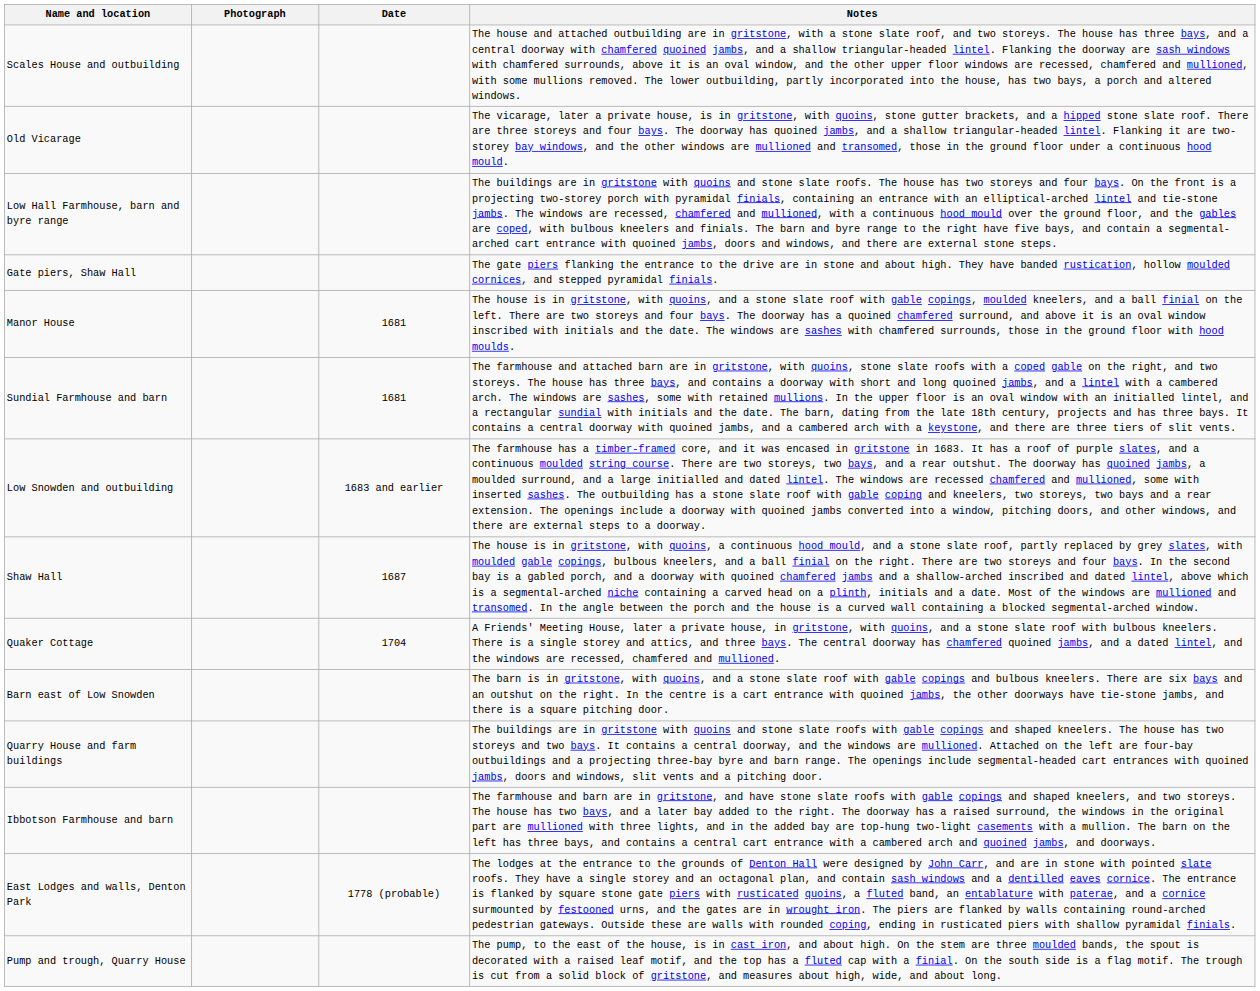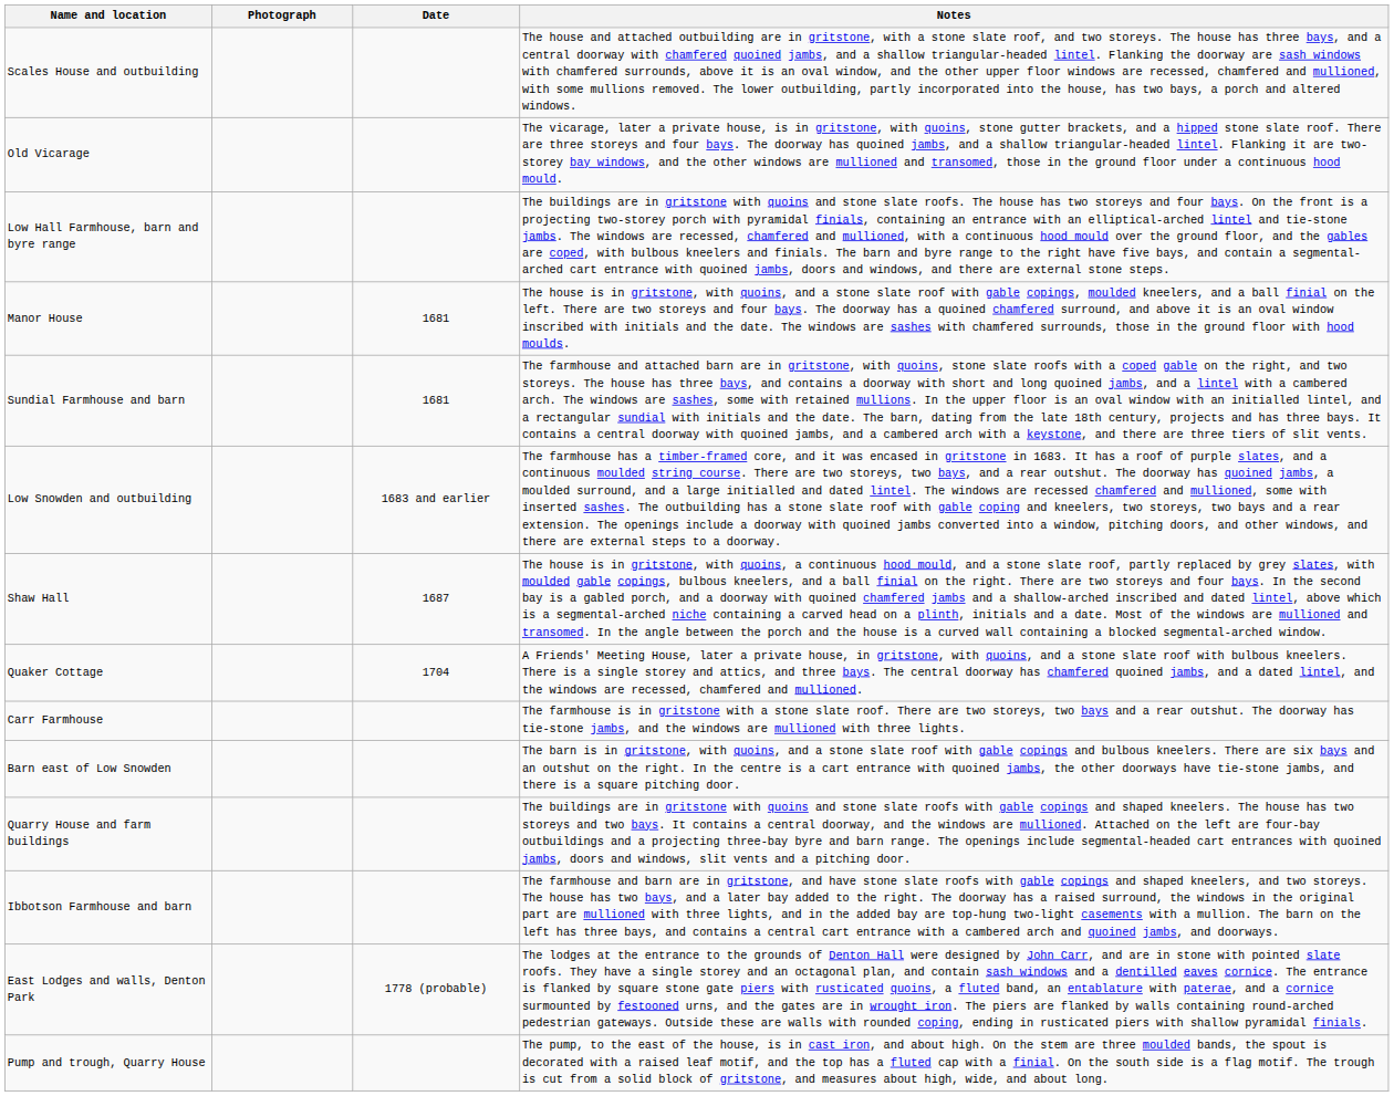 <table class="wikitable sortable plainrowheaders" style="width:100%;border:0px;text-align:left;line-height:150%;">
 <tr>
 <th scope="col"  style="width:150px">Name and location</th>
 <th scope="col"  style="width:100px" class="unsortable">Photograph</th>
 <th scope="col"  style="width:120px">Date</th>
 <th scope="col"  style="width:650px" class="unsortable">Notes</th>
 </tr>
 <tr>
 <td>Scales House and outbuilding<br><small></small></td>
 <td></td>
 <td align="center"></td>
 <td>The house and attached outbuilding are in <a href='#'>gritstone</a>, with a stone slate roof, and two storeys.  The house has three <a href='#'>bays</a>, and a central doorway with <a href='#'>chamfered</a> <a href='#'>quoined</a> <a href='#'>jambs</a>, and a shallow triangular-headed <a href='#'>lintel</a>.  Flanking the doorway are <a href='#'>sash windows</a> with chamfered surrounds, above it is an oval window, and the other upper floor windows are recessed, chamfered and <a href='#'>mullioned</a>, with some mullions removed.  The lower outbuilding, partly incorporated into the house, has two bays, a porch and altered windows.</td>
 </tr>
 <tr>
 <td>Old Vicarage<br><small></small></td>
 <td></td>
 <td align="center"></td>
 <td>The vicarage, later a private house, is in <a href='#'>gritstone</a>, with <a href='#'>quoins</a>, stone gutter brackets, and a <a href='#'>hipped</a> stone slate roof.  There are three storeys and four <a href='#'>bays</a>. The doorway has quoined <a href='#'>jambs</a>, and a shallow triangular-headed <a href='#'>lintel</a>.  Flanking it are two-storey <a href='#'>bay windows</a>, and the other windows are <a href='#'>mullioned</a> and <a href='#'>transomed</a>, those in the ground floor under a continuous <a href='#'>hood mould</a>.</td>
 </tr>
 <tr>
 <td>Low Hall Farmhouse, barn and byre range<br><small></small></td>
 <td></td>
 <td align="center"></td>
 <td>The buildings are in <a href='#'>gritstone</a> with <a href='#'>quoins</a> and stone slate roofs.  The house has two storeys and four <a href='#'>bays</a>.  On the front is a projecting two-storey porch with pyramidal <a href='#'>finials</a>, containing an entrance with an elliptical-arched <a href='#'>lintel</a> and tie-stone <a href='#'>jambs</a>.  The windows are recessed, <a href='#'>chamfered</a> and <a href='#'>mullioned</a>, with a continuous <a href='#'>hood mould</a> over the ground floor, and the <a href='#'>gables</a> are <a href='#'>coped</a>, with bulbous kneelers and finials.  The barn and byre range to the right have five bays, and contain a segmental-arched cart entrance with quoined <a href='#'>jambs</a>, doors and windows, and there are external stone steps.</td>
-</tr>
-<tr>
-<td>Gate piers, Shaw Hall<br><small></small></td>
-<td></td>
-<td align="center"></td>
-<td>The gate <a href='#'>piers</a> flanking the entrance to the drive are in stone and about  high.  They have banded <a href='#'>rustication</a>, hollow <a href='#'>moulded</a> <a href='#'>cornices</a>, and stepped pyramidal <a href='#'>finials</a>.</td>
 </tr>
 <tr>
 <td>Manor House<br><small></small></td>
 <td></td>
 <td align="center">1681</td>
 <td>The house is in <a href='#'>gritstone</a>, with <a href='#'>quoins</a>, and a stone slate roof with <a href='#'>gable</a> <a href='#'>copings</a>, <a href='#'>moulded</a> kneelers, and a ball <a href='#'>finial</a> on the left.  There are two storeys and four <a href='#'>bays</a>.  The doorway has a quoined <a href='#'>chamfered</a> surround, and above it is an oval window inscribed with initials and the date.  The windows are <a href='#'>sashes</a> with chamfered surrounds, those in the ground floor with <a href='#'>hood moulds</a>.</td>
 </tr>
 <tr>
 <td>Sundial Farmhouse and barn<br><small></small></td>
 <td></td>
 <td align="center">1681</td>
 <td>The farmhouse and attached barn are in <a href='#'>gritstone</a>, with <a href='#'>quoins</a>, stone slate roofs with a <a href='#'>coped</a> <a href='#'>gable</a> on the right, and two storeys.  The house has three <a href='#'>bays</a>, and contains a doorway with short and long quoined <a href='#'>jambs</a>, and a <a href='#'>lintel</a> with a cambered arch.  The windows are <a href='#'>sashes</a>, some with retained <a href='#'>mullions</a>.  In the upper floor is an oval window with an initialled lintel, and a rectangular <a href='#'>sundial</a> with initials and the date.  The barn, dating from the late 18th century, projects and has three bays.  It contains a central doorway with quoined jambs, and a cambered arch with a <a href='#'>keystone</a>, and there are three tiers of slit vents.</td>
 </tr>
 <tr>
 <td>Low Snowden and outbuilding<br><small></small></td>
 <td></td>
 <td align="center">1683 and earlier</td>
 <td>The farmhouse has a <a href='#'>timber-framed</a> core, and it was encased in <a href='#'>gritstone</a> in 1683.  It has a roof of purple <a href='#'>slates</a>, and a continuous <a href='#'>moulded</a> <a href='#'>string course</a>.  There are two storeys, two <a href='#'>bays</a>, and a rear outshut.  The doorway has <a href='#'>quoined</a> <a href='#'>jambs</a>, a moulded surround, and a large initialled and dated <a href='#'>lintel</a>. The windows are recessed <a href='#'>chamfered</a> and <a href='#'>mullioned</a>, some with inserted <a href='#'>sashes</a>.  The outbuilding has a stone slate roof with <a href='#'>gable</a> <a href='#'>coping</a> and kneelers, two storeys, two bays and a rear extension.  The openings include a doorway with quoined jambs converted into a window, pitching doors, and other windows, and there are external steps to a doorway.</td>
 </tr>
 <tr>
 <td>Shaw Hall<br><small></small></td>
 <td></td>
 <td align="center">1687</td>
 <td>The house is in <a href='#'>gritstone</a>, with <a href='#'>quoins</a>, a continuous <a href='#'>hood mould</a>, and a stone slate roof, partly replaced by grey <a href='#'>slates</a>, with <a href='#'>moulded</a> <a href='#'>gable</a> <a href='#'>copings</a>, bulbous kneelers, and a ball <a href='#'>finial</a> on the right.  There are two storeys and four <a href='#'>bays</a>.  In the second bay is a gabled porch, and a doorway with quoined <a href='#'>chamfered</a> <a href='#'>jambs</a> and a shallow-arched inscribed and dated <a href='#'>lintel</a>, above which is a segmental-arched <a href='#'>niche</a> containing a carved head on a <a href='#'>plinth</a>, initials and a date.  Most of the windows are <a href='#'>mullioned</a> and <a href='#'>transomed</a>.  In the angle between the porch and the house is a curved wall containing a blocked segmental-arched window.</td>
 </tr>
 <tr>
 <td>Quaker Cottage<br><small></small></td>
 <td></td>
 <td align="center">1704</td>
 <td>A Friends' Meeting House, later a private house, in <a href='#'>gritstone</a>, with <a href='#'>quoins</a>, and a stone slate roof with bulbous kneelers.  There is a single storey and attics, and three <a href='#'>bays</a>.  The central doorway has <a href='#'>chamfered</a> quoined <a href='#'>jambs</a>, and a dated <a href='#'>lintel</a>, and the windows are recessed, chamfered and <a href='#'>mullioned</a>.</td>
+</tr>
+<tr>
+<td>Carr Farmhouse<br><small></small></td>
+<td></td>
+<td align="center"></td>
+<td>The farmhouse is in <a href='#'>gritstone</a> with a stone slate roof.  There are two storeys, two <a href='#'>bays</a> and a rear outshut.  The doorway has tie-stone <a href='#'>jambs</a>, and the windows are <a href='#'>mullioned</a> with three lights.</td>
 </tr>
 <tr>
 <td>Barn east of Low Snowden<br><small></small></td>
 <td></td>
 <td align="center"></td>
 <td>The barn is in <a href='#'>gritstone</a>, with <a href='#'>quoins</a>, and a stone slate roof with <a href='#'>gable</a> <a href='#'>copings</a> and bulbous kneelers.  There are six <a href='#'>bays</a> and an outshut on the right.  In the centre is a cart entrance with quoined <a href='#'>jambs</a>, the other doorways have tie-stone jambs, and there is a square pitching door.</td>
 </tr>
 <tr>
 <td>Quarry House and farm buildings<br><small></small></td>
 <td></td>
 <td align="center"></td>
 <td>The buildings are in <a href='#'>gritstone</a> with <a href='#'>quoins</a> and stone slate roofs with <a href='#'>gable</a> <a href='#'>copings</a> and shaped kneelers.  The house has two storeys and two <a href='#'>bays</a>.  It contains a central doorway, and the windows are <a href='#'>mullioned</a>.  Attached on the left are four-bay outbuildings and a projecting three-bay byre and barn range.  The openings include segmental-headed cart entrances with quoined <a href='#'>jambs</a>, doors and windows, slit vents and a pitching door.</td>
 </tr>
 <tr>
 <td>Ibbotson Farmhouse and barn<br><small></small></td>
 <td></td>
 <td align="center"></td>
 <td>The farmhouse and barn are in <a href='#'>gritstone</a>, and have stone slate roofs with <a href='#'>gable</a> <a href='#'>copings</a> and shaped kneelers, and two storeys.  The house has two <a href='#'>bays</a>, and a later bay added to the right.  The doorway has a raised surround, the windows in the original part are <a href='#'>mullioned</a> with three lights, and in the added bay are top-hung two-light <a href='#'>casements</a> with a mullion.  The barn on the left has three bays, and contains a central cart entrance with a cambered arch and <a href='#'>quoined</a> <a href='#'>jambs</a>, and doorways.</td>
 </tr>
 <tr>
 <td>East Lodges and walls, Denton Park<br><small></small></td>
 <td></td>
 <td align="center">1778 (probable)</td>
 <td>The lodges at the entrance to the grounds of <a href='#'>Denton Hall</a> were designed by <a href='#'>John Carr</a>, and are in stone with pointed <a href='#'>slate</a> roofs.  They have a single storey and an octagonal plan, and contain <a href='#'>sash windows</a> and a <a href='#'>dentilled</a> <a href='#'>eaves</a> <a href='#'>cornice</a>.  The entrance is flanked by square stone gate <a href='#'>piers</a> with <a href='#'>rusticated</a> <a href='#'>quoins</a>, a <a href='#'>fluted</a> band, an <a href='#'>entablature</a> with <a href='#'>paterae</a>, and a <a href='#'>cornice</a> surmounted by <a href='#'>festooned</a> urns, and the gates are in <a href='#'>wrought iron</a>.  The piers are flanked by walls containing round-arched pedestrian gateways.  Outside these are walls with rounded <a href='#'>coping</a>, ending in rusticated piers with shallow pyramidal <a href='#'>finials</a>.</td>
 </tr>
 <tr>
 <td>Pump and trough, Quarry House<br><small></small></td>
 <td></td>
 <td align="center"></td>
 <td>The pump, to the east of the house, is in <a href='#'>cast iron</a>, and about  high.  On the stem are three <a href='#'>moulded</a> bands, the spout is decorated with a raised leaf motif, and the top has a <a href='#'>fluted</a> cap with a <a href='#'>finial</a>.  On the south side is a flag motif.  The trough is cut from a solid block of <a href='#'>gritstone</a>, and measures about  high,  wide, and about  long.</td>
 </tr>
 <tr>
 </tr>
 </table>
